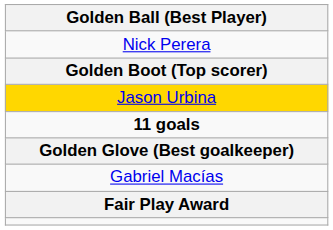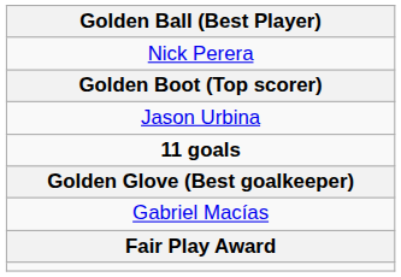 <table class="wikitable" style="margin:1em auto;">
 <tr>
 <th width=300>Golden Ball (Best Player)</th>
 </tr>
 <tr>
 <td align=center> <a href='#'>Nick Perera</a></td>
 </tr>
 <tr>
 <th>Golden Boot (Top scorer)</th>
 </tr>
 <tr>
-<td align=center style="background: gold;"> <a href='#'>Jason Urbina</a></td>
+<td align=center> <a href='#'>Jason Urbina</a></td>
 </tr>
 <tr>
 <td align=center><strong>11 goals</strong></td>
 </tr>
 <tr>
 <th>Golden Glove (Best goalkeeper)</th>
 </tr>
 <tr>
 <td align=center> <a href='#'>Gabriel Macías</a></td>
 </tr>
 <tr>
 <th>Fair Play Award</th>
 </tr>
 <tr>
 <td align=center></td>
 </tr>
 </table>
